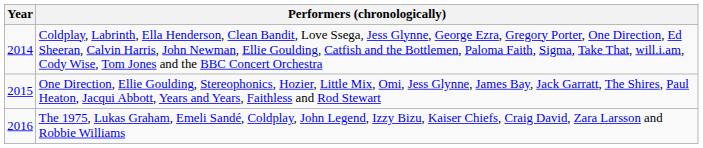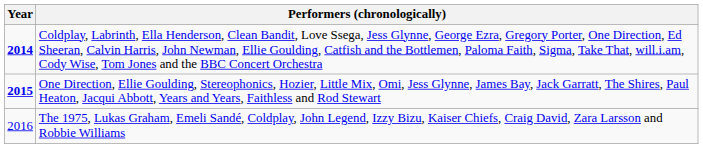 <table class="wikitable">
 <tr>
 <th>Year</th>
 <th>Performers (chronologically)</th>
 </tr>
 <tr>
-<td><a href='#'>2014</a></td>
+<td><strong><a href='#'>2014</a></strong></td>
 <td><a href='#'>Coldplay</a>, <a href='#'>Labrinth</a>, <a href='#'>Ella Henderson</a>, <a href='#'>Clean Bandit</a>, Love Ssega, <a href='#'>Jess Glynne</a>, <a href='#'>George Ezra</a>, <a href='#'>Gregory Porter</a>, <a href='#'>One Direction</a>, <a href='#'>Ed Sheeran</a>, <a href='#'>Calvin Harris</a>, <a href='#'>John Newman</a>, <a href='#'>Ellie Goulding</a>, <a href='#'>Catfish and the Bottlemen</a>, <a href='#'>Paloma Faith</a>, <a href='#'>Sigma</a>, <a href='#'>Take That</a>, <a href='#'>will.i.am</a>, <a href='#'>Cody Wise</a>, <a href='#'>Tom Jones</a> and the <a href='#'>BBC Concert Orchestra</a></td>
 </tr>
 <tr>
-<td><a href='#'>2015</a></td>
+<td><strong><a href='#'>2015</a></strong></td>
 <td><a href='#'>One Direction</a>, <a href='#'>Ellie Goulding</a>, <a href='#'>Stereophonics</a>, <a href='#'>Hozier</a>, <a href='#'>Little Mix</a>, <a href='#'>Omi</a>, <a href='#'>Jess Glynne</a>, <a href='#'>James Bay</a>, <a href='#'>Jack Garratt</a>, <a href='#'>The Shires</a>, <a href='#'>Paul Heaton</a>, <a href='#'>Jacqui Abbott</a>, <a href='#'>Years and Years</a>, <a href='#'>Faithless</a> and <a href='#'>Rod Stewart</a></td>
 </tr>
 <tr>
 <td><a href='#'>2016</a></td>
 <td><a href='#'>The 1975</a>, <a href='#'>Lukas Graham</a>, <a href='#'>Emeli Sandé</a>, <a href='#'>Coldplay</a>, <a href='#'>John Legend</a>, <a href='#'>Izzy Bizu</a>, <a href='#'>Kaiser Chiefs</a>, <a href='#'>Craig David</a>, <a href='#'>Zara Larsson</a> and <a href='#'>Robbie Williams</a></td>
 </tr>
 </table>
